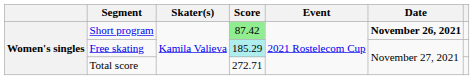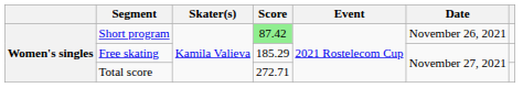 <table class="wikitable unsortable" style="text-align:left">
 <tr>
 <th scope="col"></th>
 <th scope="col">Segment</th>
 <th scope="col">Skater(s)</th>
 <th scope="col">Score</th>
 <th scope="col">Event</th>
 <th scope="col">Date</th>
 <th scope="col"></th>
 </tr>
 <tr>
 <th rowspan="3" style="text-align:left" scope="row">Women's singles</th>
 <td><a href='#'>Short program</a></td>
 <td rowspan="3"> <a href='#'>Kamila Valieva</a></td>
 <td align="center" style="background: lightgreen;">87.42</td>
 <td rowspan="3"><a href='#'>2021 Rostelecom Cup</a></td>
-<td><strong>November 26, 2021</strong></td>
+<td>November 26, 2021</td>
 <td></td>
 </tr>
 <tr>
 <td><a href='#'>Free skating</a></td>
-<td align="center" style="background: paleturquoise;">185.29</td>
+<td align="center">185.29</td>
 <td rowspan="2">November 27, 2021</td>
 <td></td>
 </tr>
 <tr>
 <td>Total score</td>
 <td align="center">272.71</td>
 <td></td>
 </tr>
 </table>
